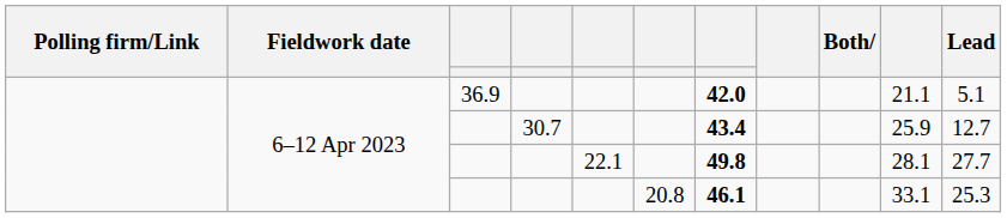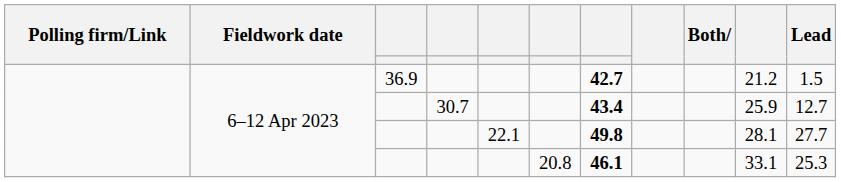 <table class="wikitable sortable mw-datatable" style="text-align:center;font-size:95%;line-height:16px;">
 <tr style="height:42px;">
 <th style="width:145px;" rowspan="2">Polling firm/Link</th>
 <th style="width:145px;" rowspan="2">Fieldwork date</th>
 <th style="width:35px;"></th>
 <th style="width:35px;"></th>
 <th style="width:35px;"></th>
 <th style="width:35px;"></th>
 <th style="width:35px;"></th>
 <th class="unsortable" style="width:35px;" rowspan="2"></th>
 <th class="unsortable" style="width:35px;" rowspan="2">Both/<br></th>
 <th class="unsortable" style="width:35px;" rowspan="2"></th>
 <th class="unsortable" style="width:30px;" rowspan="2">Lead</th>
 </tr>
 <tr>
 <th style="color:inherit;background:"></th>
 <th style="color:inherit;background:"></th>
 <th style="color:inherit;background:"></th>
 <th style="color:inherit;background:"></th>
 <th style="color:inherit;background:"></th>
 </tr>
 <tr>
 <td rowspan="4"></td>
 <td rowspan="4">6–12 Apr 2023</td>
 <td>36.9</td>
 <td></td>
 <td></td>
 <td></td>
-<td><strong>42.0</strong></td>
+<td><strong>42.7</strong></td>
 <td></td>
 <td></td>
-<td>21.1</td>
-<td style="background:">5.1</td>
+<td>21.2</td>
+<td style="background:">1.5</td>
 </tr>
 <tr>
 <td></td>
 <td>30.7</td>
 <td></td>
 <td></td>
 <td><strong>43.4</strong></td>
 <td></td>
 <td></td>
 <td>25.9</td>
 <td style="background:">12.7</td>
 </tr>
 <tr>
 <td></td>
 <td></td>
 <td>22.1</td>
 <td></td>
 <td><strong>49.8</strong></td>
 <td></td>
 <td></td>
 <td>28.1</td>
 <td style="background:">27.7</td>
 </tr>
 <tr>
 <td></td>
 <td></td>
 <td></td>
 <td>20.8</td>
 <td><strong>46.1</strong></td>
 <td></td>
 <td></td>
 <td>33.1</td>
 <td style="background:">25.3</td>
 </tr>
 </table>
